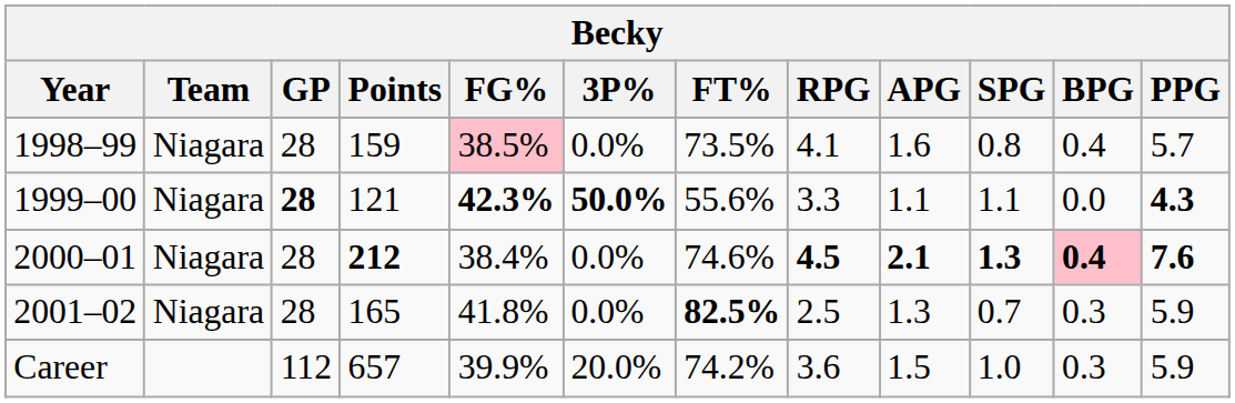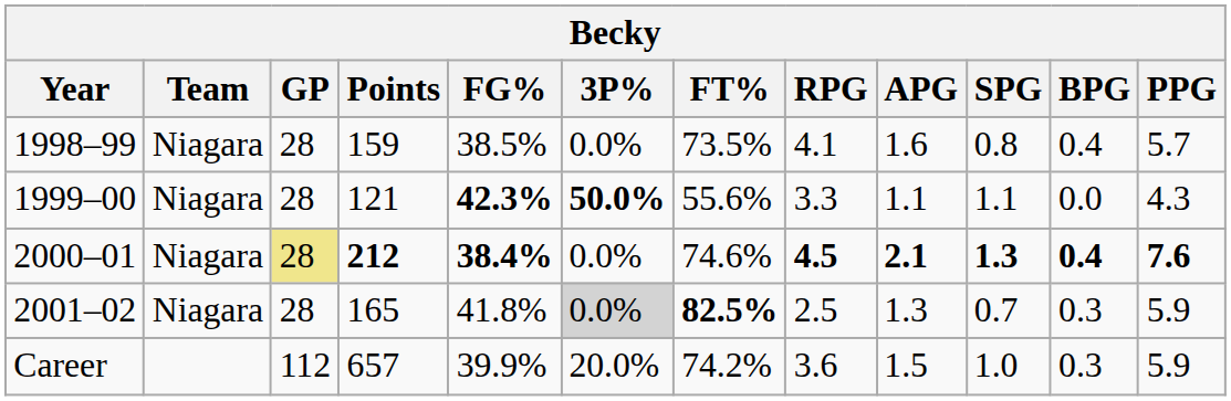 <table class="wikitable">
 <tr>
 <th colspan="12">Becky</th>
 </tr>
 <tr>
 <th>Year</th>
 <th>Team</th>
 <th>GP</th>
 <th>Points</th>
 <th>FG%</th>
 <th>3P%</th>
 <th>FT%</th>
 <th>RPG</th>
 <th>APG</th>
 <th>SPG</th>
 <th>BPG</th>
 <th>PPG</th>
 </tr>
 <tr>
 <td>1998–99</td>
 <td>Niagara</td>
 <td>28</td>
 <td>159</td>
-<td style="background: pink;">38.5%</td>
+<td>38.5%</td>
 <td>0.0%</td>
 <td>73.5%</td>
 <td>4.1</td>
 <td>1.6</td>
 <td>0.8</td>
 <td>0.4</td>
 <td>5.7</td>
 </tr>
 <tr>
 <td>1999–00</td>
 <td>Niagara</td>
-<td><strong>28</strong></td>
+<td>28</td>
 <td>121</td>
 <td><strong>42.3%</strong></td>
 <td><strong>50.0%</strong></td>
 <td>55.6%</td>
 <td>3.3</td>
 <td>1.1</td>
 <td>1.1</td>
 <td>0.0</td>
-<td><strong>4.3</strong></td>
+<td>4.3</td>
 </tr>
 <tr>
 <td>2000–01</td>
 <td>Niagara</td>
-<td>28</td>
+<td style="background: khaki;">28</td>
 <td><strong>212</strong></td>
-<td>38.4%</td>
+<td><strong>38.4%</strong></td>
 <td>0.0%</td>
 <td>74.6%</td>
 <td><strong>4.5</strong></td>
 <td><strong>2.1</strong></td>
 <td><strong>1.3</strong></td>
-<td style="background: pink;"><strong>0.4</strong></td>
+<td><strong>0.4</strong></td>
 <td><strong>7.6</strong></td>
 </tr>
 <tr>
 <td>2001–02</td>
 <td>Niagara</td>
 <td>28</td>
 <td>165</td>
 <td>41.8%</td>
-<td>0.0%</td>
+<td style="background: lightgrey;">0.0%</td>
 <td><strong>82.5%</strong></td>
 <td>2.5</td>
 <td>1.3</td>
 <td>0.7</td>
 <td>0.3</td>
 <td>5.9</td>
 </tr>
 <tr>
 <td>Career</td>
 <td></td>
 <td>112</td>
 <td>657</td>
 <td>39.9%</td>
 <td>20.0%</td>
 <td>74.2%</td>
 <td>3.6</td>
 <td>1.5</td>
 <td>1.0</td>
 <td>0.3</td>
 <td>5.9</td>
 </tr>
 </table>
